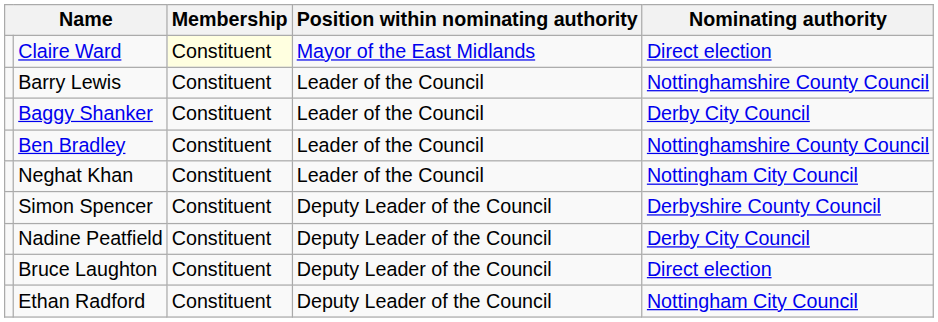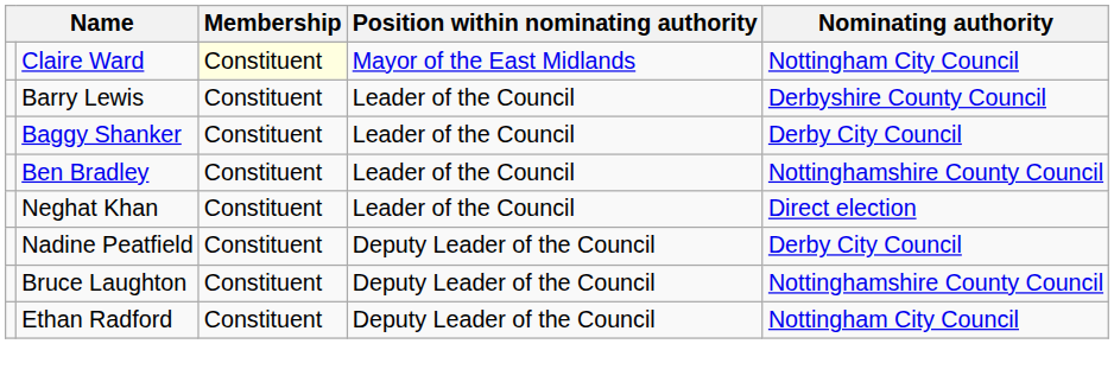 <table class="wikitable sortable">
 <tr>
 <th colspan=2>Name</th>
 <th>Membership</th>
 <th>Position within nominating authority</th>
 <th>Nominating authority</th>
 </tr>
 <tr>
 <td style="background:"></td>
 <td><a href='#'>Claire Ward</a></td>
 <td style="background: lightyellow;">Constituent</td>
 <td><a href='#'>Mayor of the East Midlands</a></td>
-<td><a href='#'>Direct election</a></td>
+<td><a href='#'>Nottingham City Council</a></td>
 </tr>
 <tr>
 <td style="background:"></td>
 <td>Barry Lewis</td>
 <td>Constituent</td>
 <td>Leader of the Council</td>
-<td><a href='#'>Nottinghamshire County Council</a></td>
+<td><a href='#'>Derbyshire County Council</a></td>
 </tr>
 <tr>
 <td style="background:"></td>
 <td><a href='#'>Baggy Shanker</a></td>
 <td>Constituent</td>
 <td>Leader of the Council</td>
 <td><a href='#'>Derby City Council</a></td>
 </tr>
 <tr>
 <td style="background:"></td>
 <td><a href='#'>Ben Bradley</a></td>
 <td>Constituent</td>
 <td>Leader of the Council</td>
 <td><a href='#'>Nottinghamshire County Council</a></td>
 </tr>
 <tr>
 <td style="background:"></td>
 <td>Neghat Khan</td>
 <td>Constituent</td>
 <td>Leader of the Council</td>
-<td><a href='#'>Nottingham City Council</a></td>
-</tr>
-<tr>
-<td style="background:"></td>
-<td>Simon Spencer</td>
-<td>Constituent</td>
-<td>Deputy Leader of the Council</td>
-<td><a href='#'>Derbyshire County Council</a></td>
+<td><a href='#'>Direct election</a></td>
 </tr>
 <tr>
 <td style="background:"></td>
 <td>Nadine Peatfield</td>
 <td>Constituent</td>
 <td>Deputy Leader of the Council</td>
 <td><a href='#'>Derby City Council</a></td>
 </tr>
 <tr>
 <td style="background:"></td>
 <td>Bruce Laughton</td>
 <td>Constituent</td>
 <td>Deputy Leader of the Council</td>
-<td><a href='#'>Direct election</a></td>
+<td><a href='#'>Nottinghamshire County Council</a></td>
 </tr>
 <tr>
 <td style="background:"></td>
 <td>Ethan Radford</td>
 <td>Constituent</td>
 <td>Deputy Leader of the Council</td>
 <td><a href='#'>Nottingham City Council</a></td>
 </tr>
 </table>
